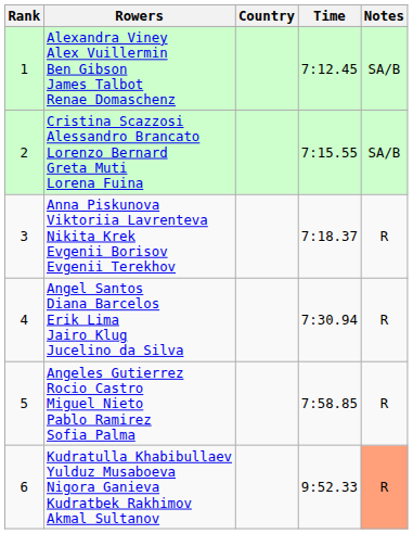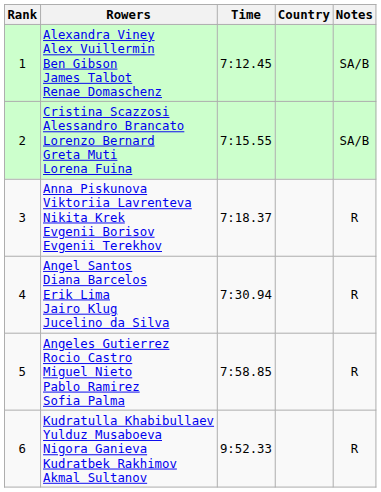 <table class="wikitable" style="text-align:center">
 <tr>
 <th>Rank</th>
 <th>Rowers</th>
+<th>Time</th>
 <th>Country</th>
-<th>Time</th>
 <th>Notes</th>
 </tr>
 <tr bgcolor=ccffcc>
 <td>1</td>
 <td align="left"><a href='#'>Alexandra Viney</a><br><a href='#'>Alex Vuillermin</a><br><a href='#'>Ben Gibson</a><br><a href='#'>James Talbot</a><br><a href='#'>Renae Domaschenz</a></td>
+<td>7:12.45</td>
 <td align="left"></td>
-<td>7:12.45</td>
 <td>SA/B</td>
 </tr>
 <tr bgcolor=ccffcc>
 <td>2</td>
 <td align="left"><a href='#'>Cristina Scazzosi</a><br><a href='#'>Alessandro Brancato</a><br><a href='#'>Lorenzo Bernard</a><br><a href='#'>Greta Muti</a><br><a href='#'>Lorena Fuina</a></td>
+<td>7:15.55</td>
 <td align="left"></td>
-<td>7:15.55</td>
 <td>SA/B</td>
 </tr>
 <tr>
 <td>3</td>
 <td align="left"><a href='#'>Anna Piskunova</a><br><a href='#'>Viktoriia Lavrenteva</a><br><a href='#'>Nikita Krek</a><br><a href='#'>Evgenii Borisov</a><br><a href='#'>Evgenii Terekhov</a></td>
+<td>7:18.37</td>
 <td align="left"></td>
-<td>7:18.37</td>
 <td>R</td>
 </tr>
 <tr>
 <td>4</td>
 <td align="left"><a href='#'>Angel Santos</a><br><a href='#'>Diana Barcelos</a><br><a href='#'>Erik Lima</a><br><a href='#'>Jairo Klug</a><br><a href='#'>Jucelino da Silva</a></td>
+<td>7:30.94</td>
 <td align="left"></td>
-<td>7:30.94</td>
 <td>R</td>
 </tr>
 <tr>
 <td>5</td>
 <td align="left"><a href='#'>Angeles Gutierrez</a><br><a href='#'>Rocio Castro</a><br><a href='#'>Miguel Nieto</a><br><a href='#'>Pablo Ramirez</a><br><a href='#'>Sofia Palma</a></td>
+<td>7:58.85</td>
 <td align="left"></td>
-<td>7:58.85</td>
 <td>R</td>
 </tr>
 <tr>
 <td>6</td>
 <td align="left"><a href='#'>Kudratulla Khabibullaev</a><br><a href='#'>Yulduz Musaboeva</a><br><a href='#'>Nigora Ganieva</a><br><a href='#'>Kudratbek Rakhimov</a><br><a href='#'>Akmal Sultanov</a></td>
+<td>9:52.33</td>
 <td align="left"></td>
-<td>9:52.33</td>
-<td style="background: lightsalmon;">R</td>
+<td>R</td>
 </tr>
 </table>
